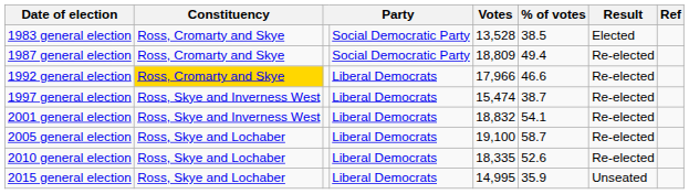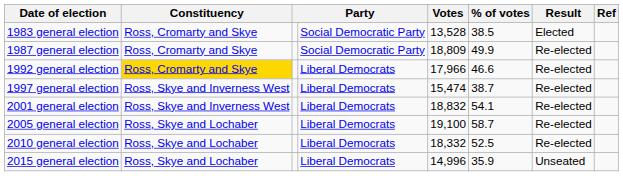 <table class="wikitable">
 <tr>
 <th>Date of election</th>
 <th>Constituency</th>
 <th colspan="2">Party</th>
 <th>Votes</th>
 <th>% of votes</th>
 <th>Result</th>
 <th>Ref</th>
 </tr>
 <tr>
 <td><a href='#'>1983 general election</a></td>
 <td><a href='#'>Ross, Cromarty and Skye</a></td>
 <td style="background-color: "></td>
 <td><a href='#'>Social Democratic Party</a></td>
 <td>13,528</td>
 <td>38.5</td>
 <td>Elected</td>
 <td></td>
 </tr>
 <tr>
 <td><a href='#'>1987 general election</a></td>
 <td><a href='#'>Ross, Cromarty and Skye</a></td>
 <td style="background-color: "></td>
 <td><a href='#'>Social Democratic Party</a></td>
 <td>18,809</td>
-<td>49.4</td>
+<td>49.9</td>
 <td>Re-elected</td>
 <td></td>
 </tr>
 <tr>
 <td><a href='#'>1992 general election</a></td>
 <td style="background: gold;"><a href='#'>Ross, Cromarty and Skye</a></td>
 <td style="background-color: "></td>
 <td><a href='#'>Liberal Democrats</a></td>
 <td>17,966</td>
 <td>46.6</td>
 <td>Re-elected</td>
 <td></td>
 </tr>
 <tr>
 <td><a href='#'>1997 general election</a></td>
 <td><a href='#'>Ross, Skye and Inverness West</a></td>
 <td style="background-color: "></td>
 <td><a href='#'>Liberal Democrats</a></td>
 <td>15,474</td>
 <td>38.7</td>
 <td>Re-elected</td>
 <td></td>
 </tr>
 <tr>
 <td><a href='#'>2001 general election</a></td>
 <td><a href='#'>Ross, Skye and Inverness West</a></td>
 <td style="background-color: "></td>
 <td><a href='#'>Liberal Democrats</a></td>
 <td>18,832</td>
 <td>54.1</td>
 <td>Re-elected</td>
 <td></td>
 </tr>
 <tr>
 <td><a href='#'>2005 general election</a></td>
 <td><a href='#'>Ross, Skye and Lochaber</a></td>
 <td style="background-color: "></td>
 <td><a href='#'>Liberal Democrats</a></td>
 <td>19,100</td>
 <td>58.7</td>
 <td>Re-elected</td>
 <td></td>
 </tr>
 <tr>
 <td><a href='#'>2010 general election</a></td>
 <td><a href='#'>Ross, Skye and Lochaber</a></td>
 <td style="background-color: "></td>
 <td><a href='#'>Liberal Democrats</a></td>
-<td>18,335</td>
-<td>52.6</td>
+<td>18,332</td>
+<td>52.5</td>
 <td>Re-elected</td>
 <td></td>
 </tr>
 <tr>
 <td><a href='#'>2015 general election</a></td>
 <td><a href='#'>Ross, Skye and Lochaber</a></td>
 <td style="background-color: "></td>
 <td><a href='#'>Liberal Democrats</a></td>
-<td>14,995</td>
+<td>14,996</td>
 <td>35.9</td>
 <td>Unseated</td>
 <td></td>
 </tr>
 </table>
